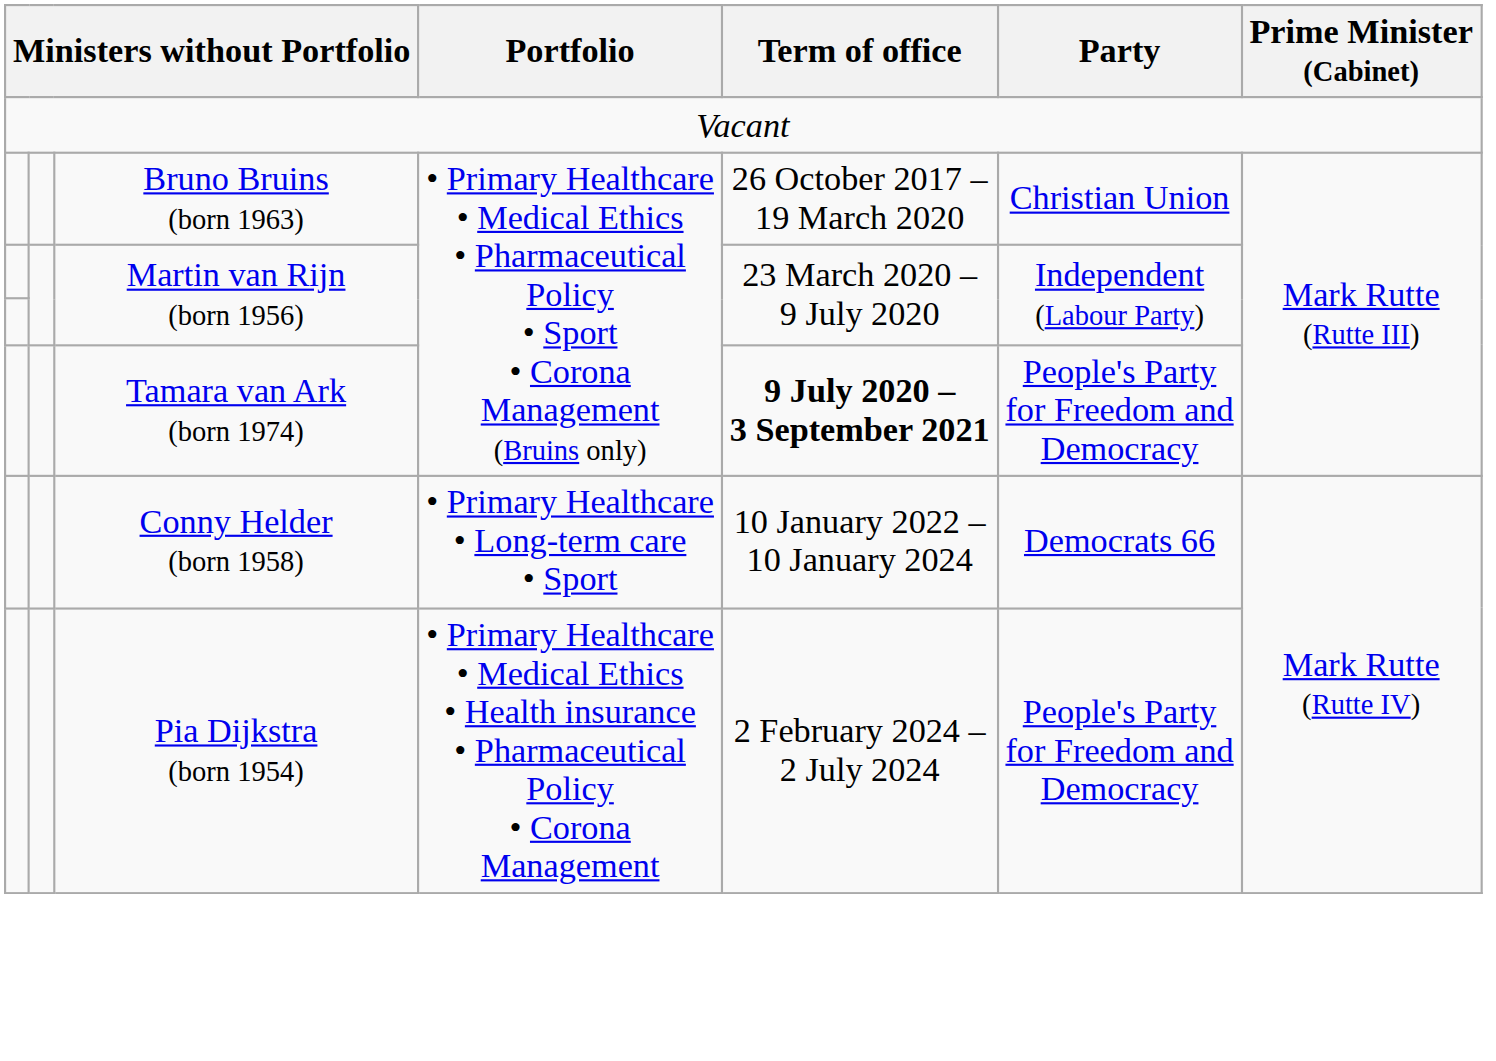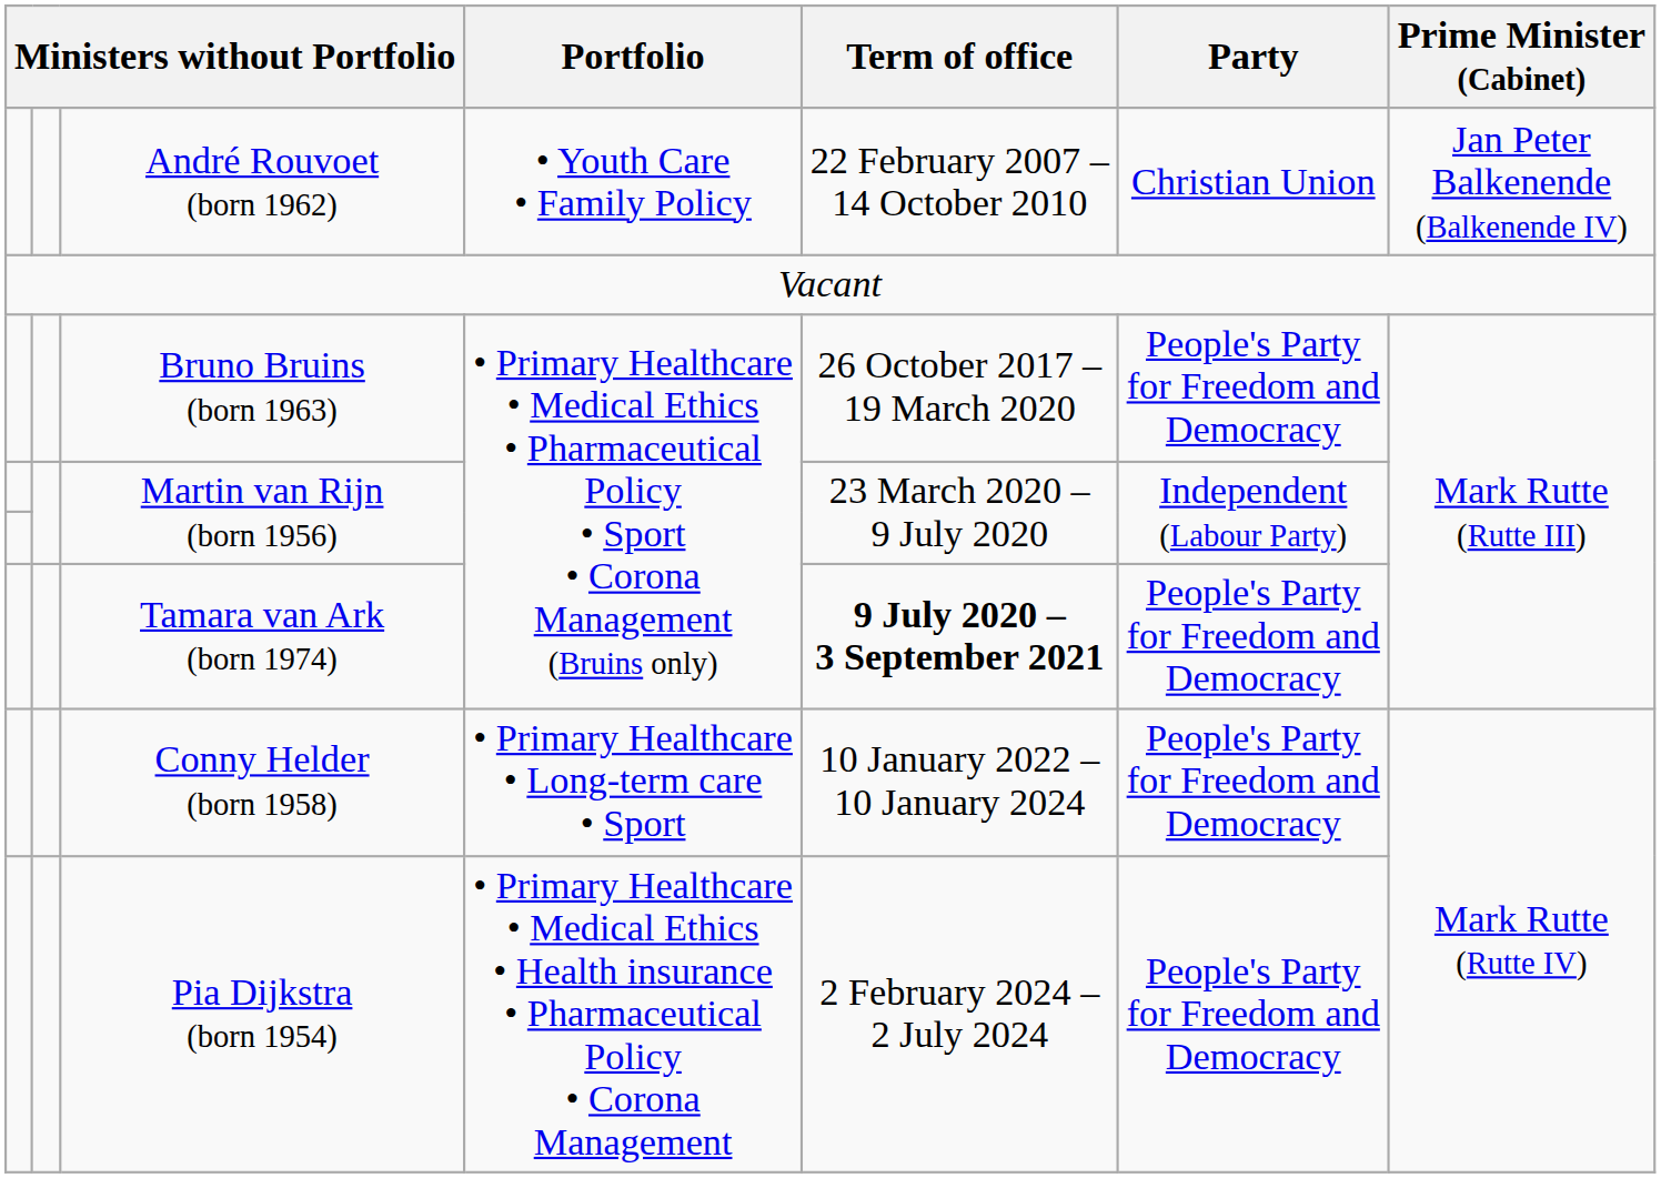 <table class="wikitable" style="text-align:center">
 <tr>
 <th colspan=3>Ministers without Portfolio</th>
 <th>Portfolio</th>
 <th>Term of office</th>
 <th>Party</th>
 <th>Prime Minister <br> <small>(Cabinet)</small></th>
+</tr>
+<tr>
+<td style="background:"></td>
+<td></td>
+<td><a href='#'>André Rouvoet</a> <br> <small>(born 1962)</small> <br> <small></small></td>
+<td>• <a href='#'>Youth Care</a> <br> • <a href='#'>Family Policy</a></td>
+<td>22 February 2007 – <br> 14 October 2010 <br> </td>
+<td><a href='#'>Christian Union</a></td>
+<td><a href='#'>Jan Peter <br> Balkenende</a> <br> <small>(<a href='#'>Balkenende IV</a>)</small> <br></td>
 </tr>
 <tr>
 <td colspan=7><em>Vacant</em></td>
 </tr>
 <tr>
 <td style="background:"></td>
 <td></td>
 <td><a href='#'>Bruno Bruins</a> <br> <small>(born 1963)</small></td>
 <td rowspan=4>• <a href='#'>Primary Healthcare</a> <br> • <a href='#'>Medical Ethics</a> <br> • <a href='#'>Pharmaceutical <br> Policy</a> <br> • <a href='#'>Sport</a> <br> • <a href='#'>Corona <br> Management</a> <br> <small>(<a href='#'>Bruins</a> only)</small></td>
 <td>26 October 2017 – <br> 19 March 2020 <br> </td>
-<td><a href='#'>Christian Union</a></td>
+<td><a href='#'>People's Party <br> for Freedom and <br> Democracy</a></td>
 <td rowspan=4><a href='#'>Mark Rutte</a> <br> <small>(<a href='#'>Rutte III</a>)</small> <br></td>
 </tr>
 <tr>
 <td style="background:"></td>
 <td rowspan=2></td>
 <td rowspan=2><a href='#'>Martin van Rijn</a> <br> <small>(born 1956)</small> <br></td>
 <td rowspan=2>23 March 2020 – <br> 9 July 2020</td>
 <td rowspan=2><a href='#'>Independent</a> <br> <small>(<a href='#'>Labour Party</a>)</small> <br></td>
 </tr>
 <tr>
 <td style="background:"></td>
 </tr>
 <tr>
 <td style="background:"></td>
 <td></td>
 <td><a href='#'>Tamara van Ark</a> <br> <small>(born 1974)</small></td>
 <td><strong>9 July 2020 – <br> 3 September 2021 <br> </strong></td>
 <td><a href='#'>People's Party <br> for Freedom and <br> Democracy</a></td>
 </tr>
 <tr>
 <td style="background:"></td>
 <td></td>
 <td><a href='#'>Conny Helder</a> <br> <small>(born 1958)</small></td>
 <td>• <a href='#'>Primary Healthcare</a> <br> • <a href='#'>Long-term care</a> <br> • <a href='#'>Sport</a></td>
 <td>10 January 2022 – <br> 10 January 2024</td>
-<td><a href='#'>Democrats 66</a></td>
+<td><a href='#'>People's Party <br> for Freedom and <br> Democracy</a></td>
 <td rowspan=2><a href='#'>Mark Rutte</a> <br> <small>(<a href='#'>Rutte IV</a>)</small> <br></td>
 </tr>
 <tr>
 <td style="background:"></td>
 <td></td>
 <td><a href='#'>Pia Dijkstra</a> <br> <small>(born 1954)</small></td>
 <td>• <a href='#'>Primary Healthcare</a><br> • <a href='#'>Medical Ethics</a> <br> • <a href='#'>Health insurance</a> <br> • <a href='#'>Pharmaceutical <br> Policy</a> <br> • <a href='#'>Corona <br> Management</a></td>
 <td>2 February 2024 – <br> 2 July 2024</td>
 <td><a href='#'>People's Party <br> for Freedom and <br> Democracy</a></td>
 </tr>
 </table>
